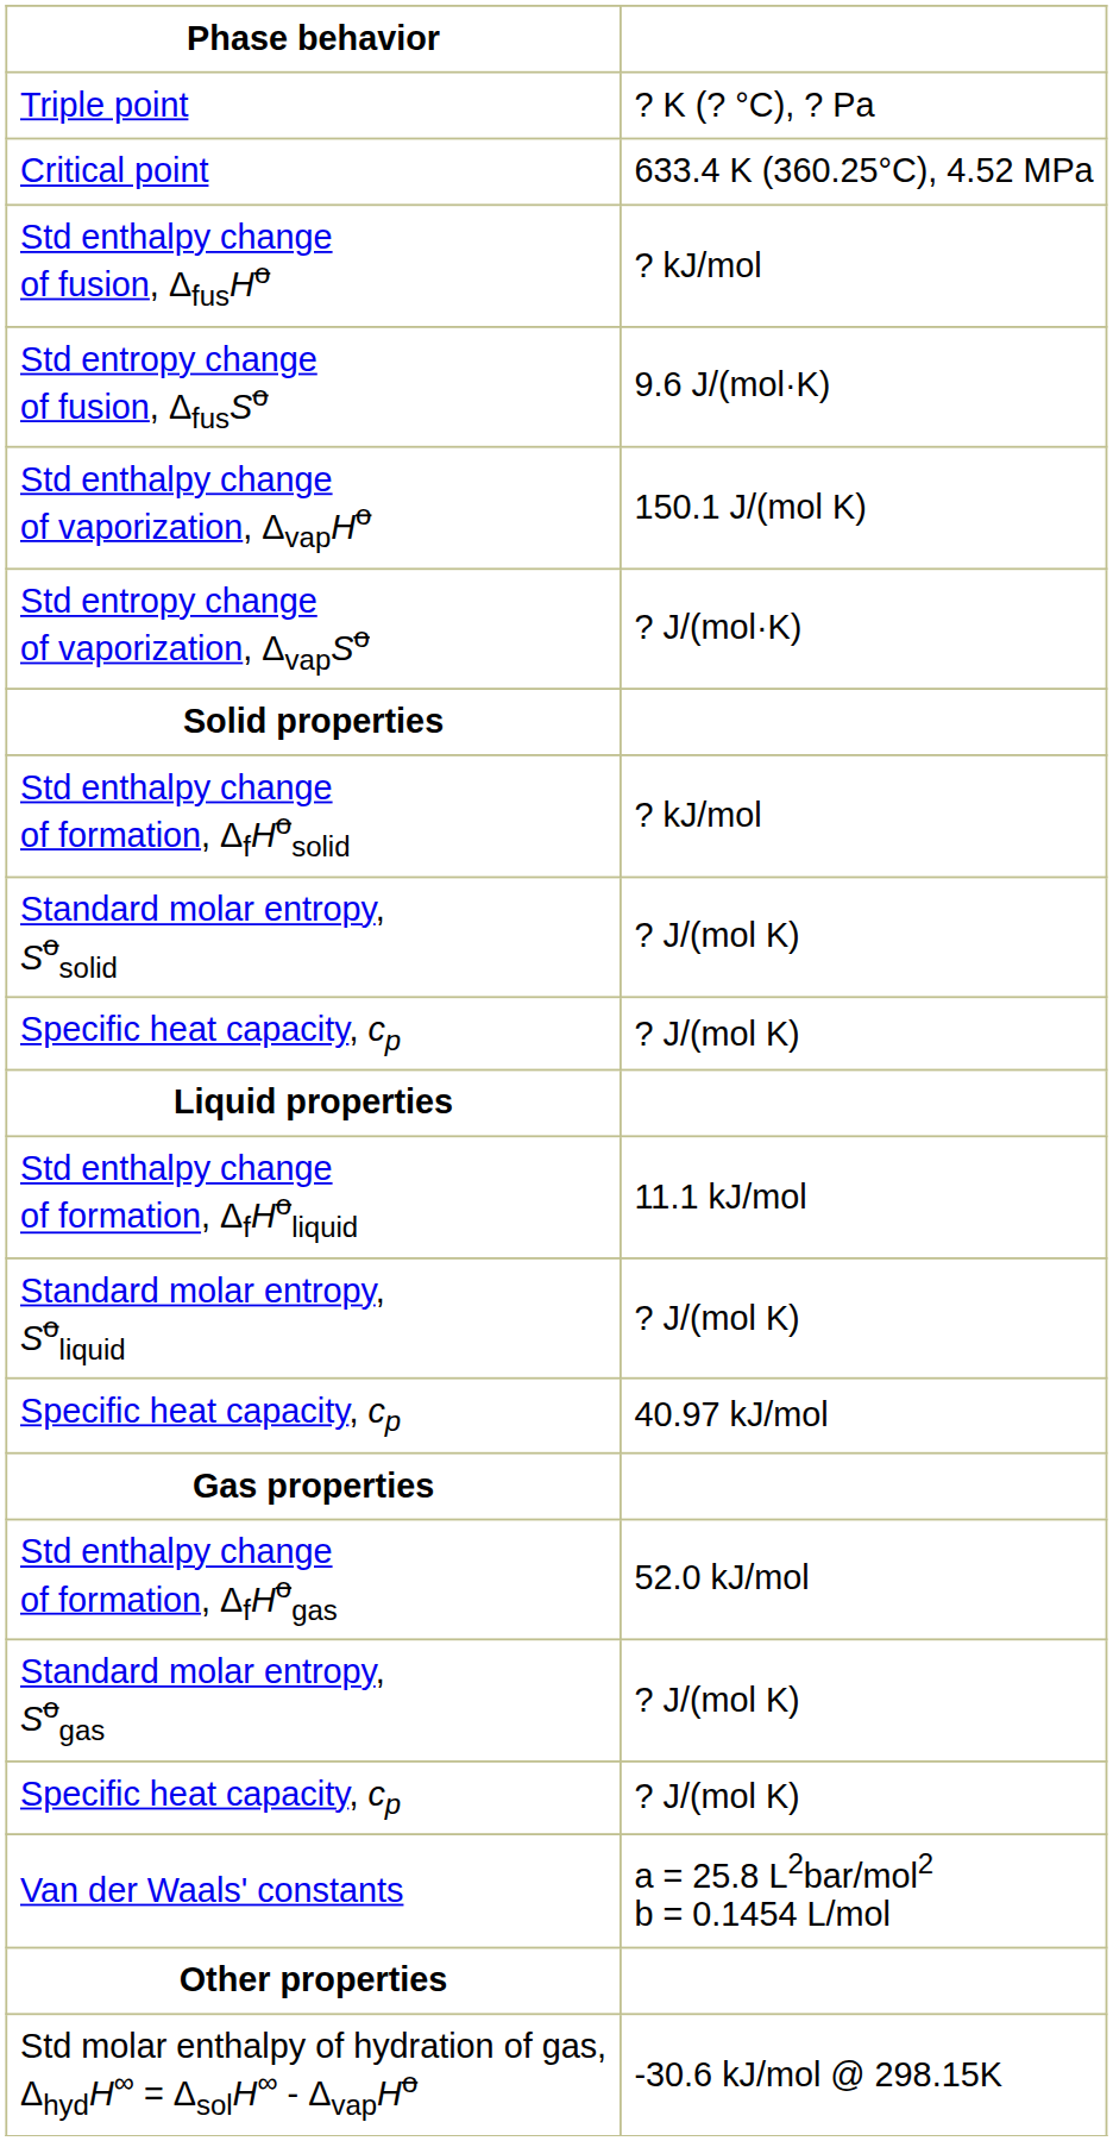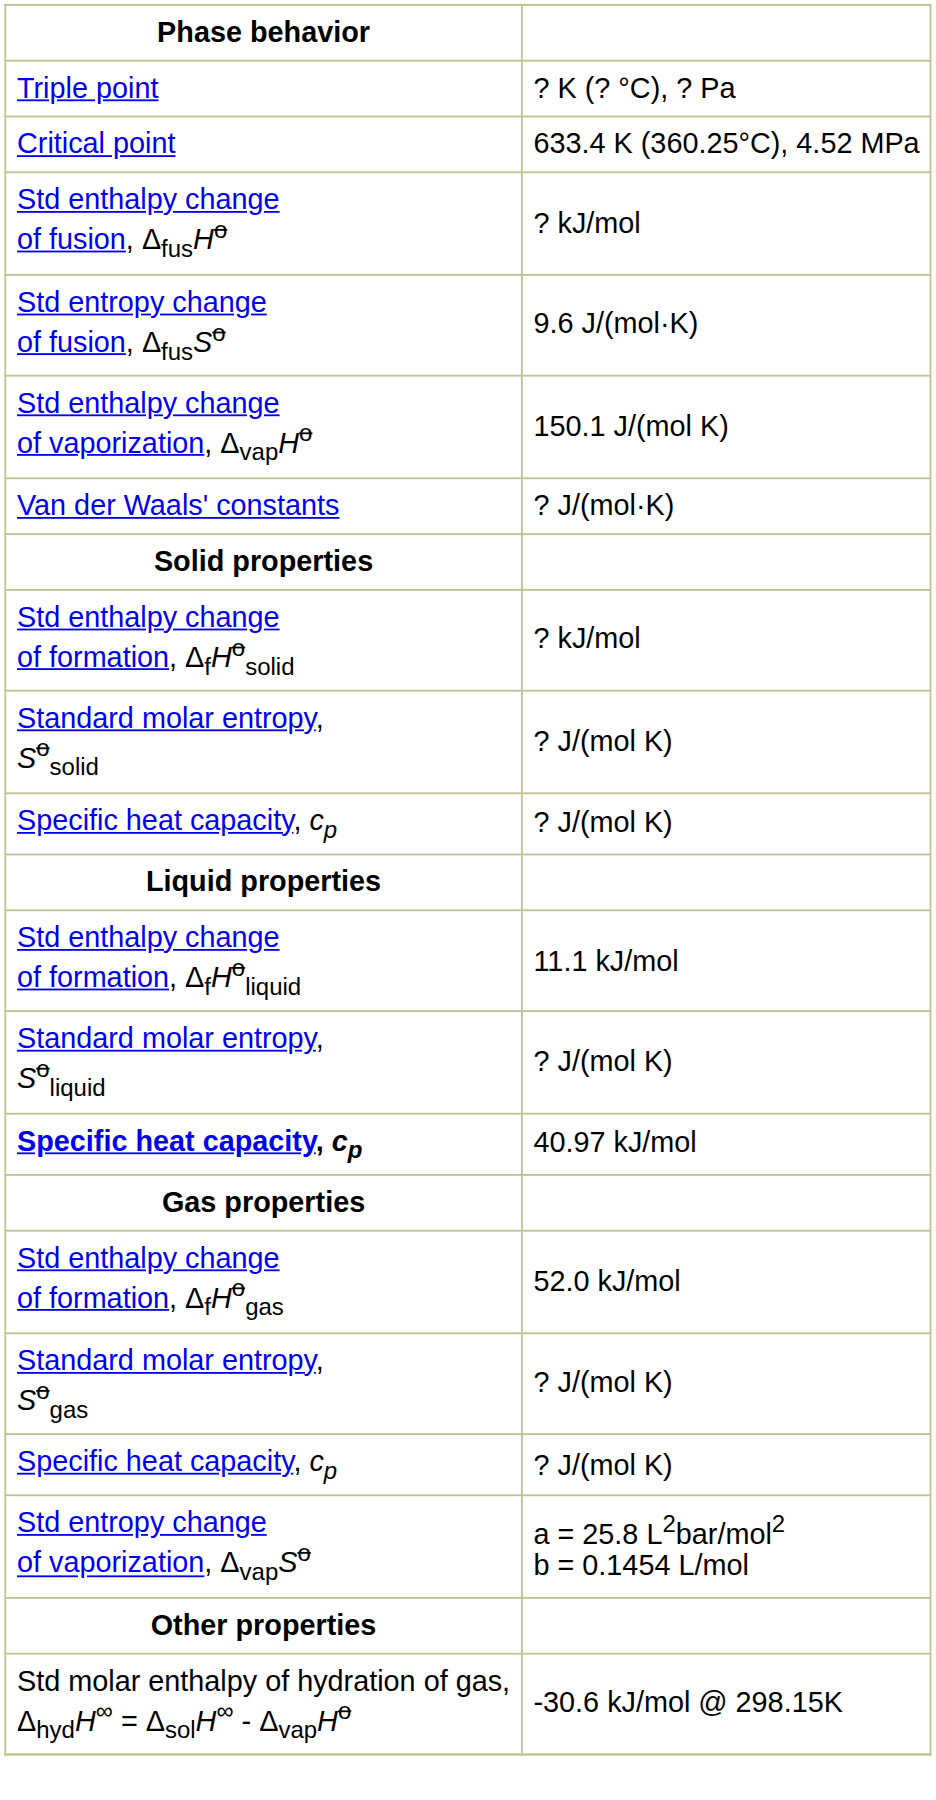 <table border="1" cellspacing="0" cellpadding="6" style="margin: 0 0 0 0.5em; background: #FFFFFF; border-collapse: collapse; border-color: #C0C090;">
 <tr>
 <th>Phase behavior</th>
 </tr>
 <tr>
 <td><a href='#'>Triple point</a></td>
 <td>? K (? °C), ? Pa</td>
 </tr>
 <tr>
 <td><a href='#'>Critical point</a></td>
 <td>633.4 K (360.25°C), 4.52 MPa</td>
 </tr>
 <tr>
 <td><a href='#'>Std enthalpy change<br>of fusion</a>, Δ<sub>fus</sub><em>H</em><sup><s>o</s></sup></td>
 <td>? kJ/mol</td>
 </tr>
 <tr>
 <td><a href='#'>Std entropy change<br>of fusion</a>, Δ<sub>fus</sub><em>S</em><sup><s>o</s></sup></td>
 <td>9.6 J/(mol·K)</td>
 </tr>
 <tr>
 <td><a href='#'>Std enthalpy change<br>of vaporization</a>, Δ<sub>vap</sub><em>H</em><sup><s>o</s></sup></td>
 <td>150.1 J/(mol K)</td>
 </tr>
 <tr>
-<td><a href='#'>Std entropy change<br>of vaporization</a>, Δ<sub>vap</sub><em>S</em><sup><s>o</s></sup></td>
+<td><a href='#'>Van der Waals' constants</a></td>
 <td>? J/(mol·K)</td>
 </tr>
 <tr>
 <th>Solid properties</th>
 </tr>
 <tr>
 <td><a href='#'>Std enthalpy change<br>of formation</a>, Δ<sub>f</sub><em>H</em><sup><s>o</s></sup><sub>solid</sub></td>
 <td>? kJ/mol</td>
 </tr>
 <tr>
 <td><a href='#'>Standard molar entropy</a>,<br><em>S</em><sup><s>o</s></sup><sub>solid</sub></td>
 <td>? J/(mol K)</td>
 </tr>
 <tr>
 <td><a href='#'>Specific heat capacity</a>, <em>c<sub>p</sub></em></td>
 <td>? J/(mol K)</td>
 </tr>
 <tr>
 <th>Liquid properties</th>
 </tr>
 <tr>
 <td><a href='#'>Std enthalpy change<br>of formation</a>, Δ<sub>f</sub><em>H</em><sup><s>o</s></sup><sub>liquid</sub></td>
 <td>11.1 kJ/mol</td>
 </tr>
 <tr>
 <td><a href='#'>Standard molar entropy</a>,<br><em>S</em><sup><s>o</s></sup><sub>liquid</sub></td>
 <td>? J/(mol K)</td>
 </tr>
 <tr>
-<td><a href='#'>Specific heat capacity</a>, <em>c<sub>p</sub></em></td>
+<td><strong><a href='#'>Specific heat capacity</a>, <em>c<sub>p</sub></em></strong></td>
 <td>40.97 kJ/mol</td>
 </tr>
 <tr>
 <th>Gas properties</th>
 </tr>
 <tr>
 <td><a href='#'>Std enthalpy change<br>of formation</a>, Δ<sub>f</sub><em>H</em><sup><s>o</s></sup><sub>gas</sub></td>
 <td>52.0 kJ/mol</td>
 </tr>
 <tr>
 <td><a href='#'>Standard molar entropy</a>,<br><em>S</em><sup><s>o</s></sup><sub>gas</sub></td>
 <td>? J/(mol K)</td>
 </tr>
 <tr>
 <td><a href='#'>Specific heat capacity</a>, <em>c<sub>p</sub></em></td>
 <td>? J/(mol K)</td>
 </tr>
 <tr>
-<td><a href='#'>Van der Waals' constants</a></td>
+<td><a href='#'>Std entropy change<br>of vaporization</a>, Δ<sub>vap</sub><em>S</em><sup><s>o</s></sup></td>
 <td>a = 25.8 L<sup>2</sup>bar/mol<sup>2</sup><br> b = 0.1454 L/mol</td>
 </tr>
 <tr>
 <th>Other properties</th>
 </tr>
 <tr>
 <td>Std molar enthalpy of hydration of gas,<br> Δ<sub>hyd</sub><em>H</em><sup>∞</sup> = Δ<sub>sol</sub><em>H</em><sup>∞</sup> - Δ<sub>vap</sub><em>H</em><sup><s>o</s></sup></td>
 <td>-30.6 kJ/mol @ 298.15K</td>
 </tr>
 <tr>
 </tr>
 </table>
